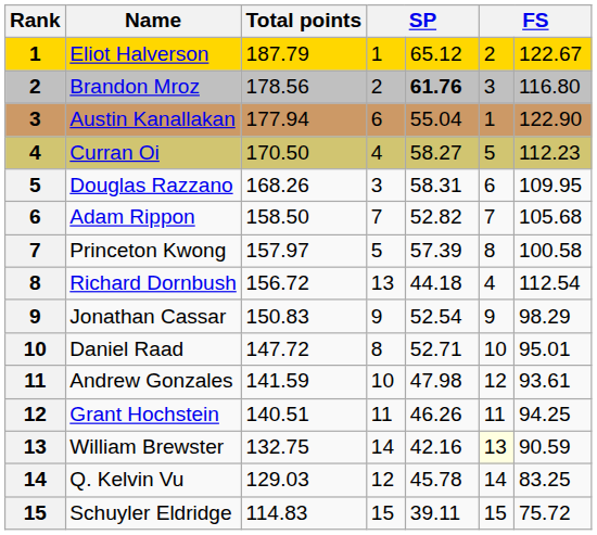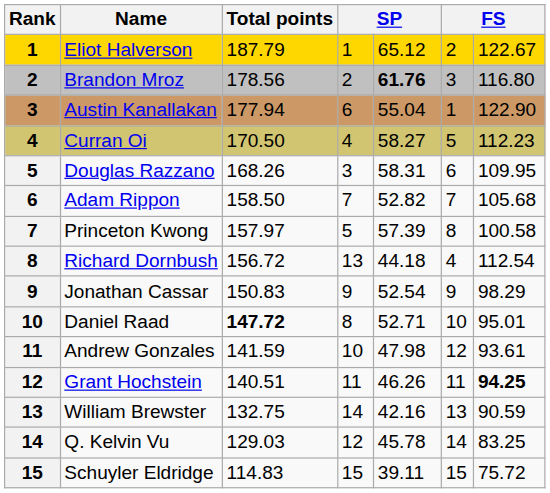 <table class="wikitable">
 <tr>
 <th>Rank</th>
 <th>Name</th>
 <th>Total points</th>
 <th colspan="2" width="80px"><a href='#'>SP</a></th>
 <th colspan="2" width="80px"><a href='#'>FS</a></th>
 </tr>
 <tr bgcolor="gold">
 <td align="center"><strong>1</strong></td>
 <td><a href='#'>Eliot Halverson</a></td>
 <td>187.79</td>
 <td>1</td>
 <td>65.12</td>
 <td>2</td>
 <td>122.67</td>
 </tr>
 <tr bgcolor="silver">
 <td align="center"><strong>2</strong></td>
 <td><a href='#'>Brandon Mroz</a></td>
 <td>178.56</td>
 <td>2</td>
 <td><strong>61.76</strong></td>
 <td>3</td>
 <td>116.80</td>
 </tr>
 <tr bgcolor="cc9966">
 <td align="center"><strong>3</strong></td>
 <td><a href='#'>Austin Kanallakan</a></td>
 <td>177.94</td>
 <td>6</td>
 <td>55.04</td>
 <td>1</td>
 <td>122.90</td>
 </tr>
 <tr bgcolor="#d1c571">
 <td align="center"><strong>4</strong></td>
 <td><a href='#'>Curran Oi</a></td>
 <td>170.50</td>
 <td>4</td>
 <td>58.27</td>
 <td>5</td>
 <td>112.23</td>
 </tr>
 <tr>
 <th>5</th>
 <td><a href='#'>Douglas Razzano</a></td>
 <td>168.26</td>
 <td>3</td>
 <td>58.31</td>
 <td>6</td>
 <td>109.95</td>
 </tr>
 <tr>
 <th>6</th>
 <td><a href='#'>Adam Rippon</a></td>
 <td>158.50</td>
 <td>7</td>
 <td>52.82</td>
 <td>7</td>
 <td>105.68</td>
 </tr>
 <tr>
 <th>7</th>
 <td>Princeton Kwong</td>
 <td>157.97</td>
 <td>5</td>
 <td>57.39</td>
 <td>8</td>
 <td>100.58</td>
 </tr>
 <tr>
 <th>8</th>
 <td><a href='#'>Richard Dornbush</a></td>
 <td>156.72</td>
 <td>13</td>
 <td>44.18</td>
 <td>4</td>
 <td>112.54</td>
 </tr>
 <tr>
 <th>9</th>
 <td>Jonathan Cassar</td>
 <td>150.83</td>
 <td>9</td>
 <td>52.54</td>
 <td>9</td>
 <td>98.29</td>
 </tr>
 <tr>
 <th>10</th>
 <td>Daniel Raad</td>
-<td>147.72</td>
+<td><strong>147.72</strong></td>
 <td>8</td>
 <td>52.71</td>
 <td>10</td>
 <td>95.01</td>
 </tr>
 <tr>
 <th>11</th>
 <td>Andrew Gonzales</td>
 <td>141.59</td>
 <td>10</td>
 <td>47.98</td>
 <td>12</td>
 <td>93.61</td>
 </tr>
 <tr>
 <th>12</th>
 <td><a href='#'>Grant Hochstein</a></td>
 <td>140.51</td>
 <td>11</td>
 <td>46.26</td>
 <td>11</td>
-<td>94.25</td>
+<td><strong>94.25</strong></td>
 </tr>
 <tr>
 <th>13</th>
 <td>William Brewster</td>
 <td>132.75</td>
 <td>14</td>
 <td>42.16</td>
-<td style="background: lightyellow;">13</td>
+<td>13</td>
 <td>90.59</td>
 </tr>
 <tr>
 <th>14</th>
 <td>Q. Kelvin Vu</td>
 <td>129.03</td>
 <td>12</td>
 <td>45.78</td>
 <td>14</td>
 <td>83.25</td>
 </tr>
 <tr>
 <th>15</th>
 <td>Schuyler Eldridge</td>
 <td>114.83</td>
 <td>15</td>
 <td>39.11</td>
 <td>15</td>
 <td>75.72</td>
 </tr>
 </table>
